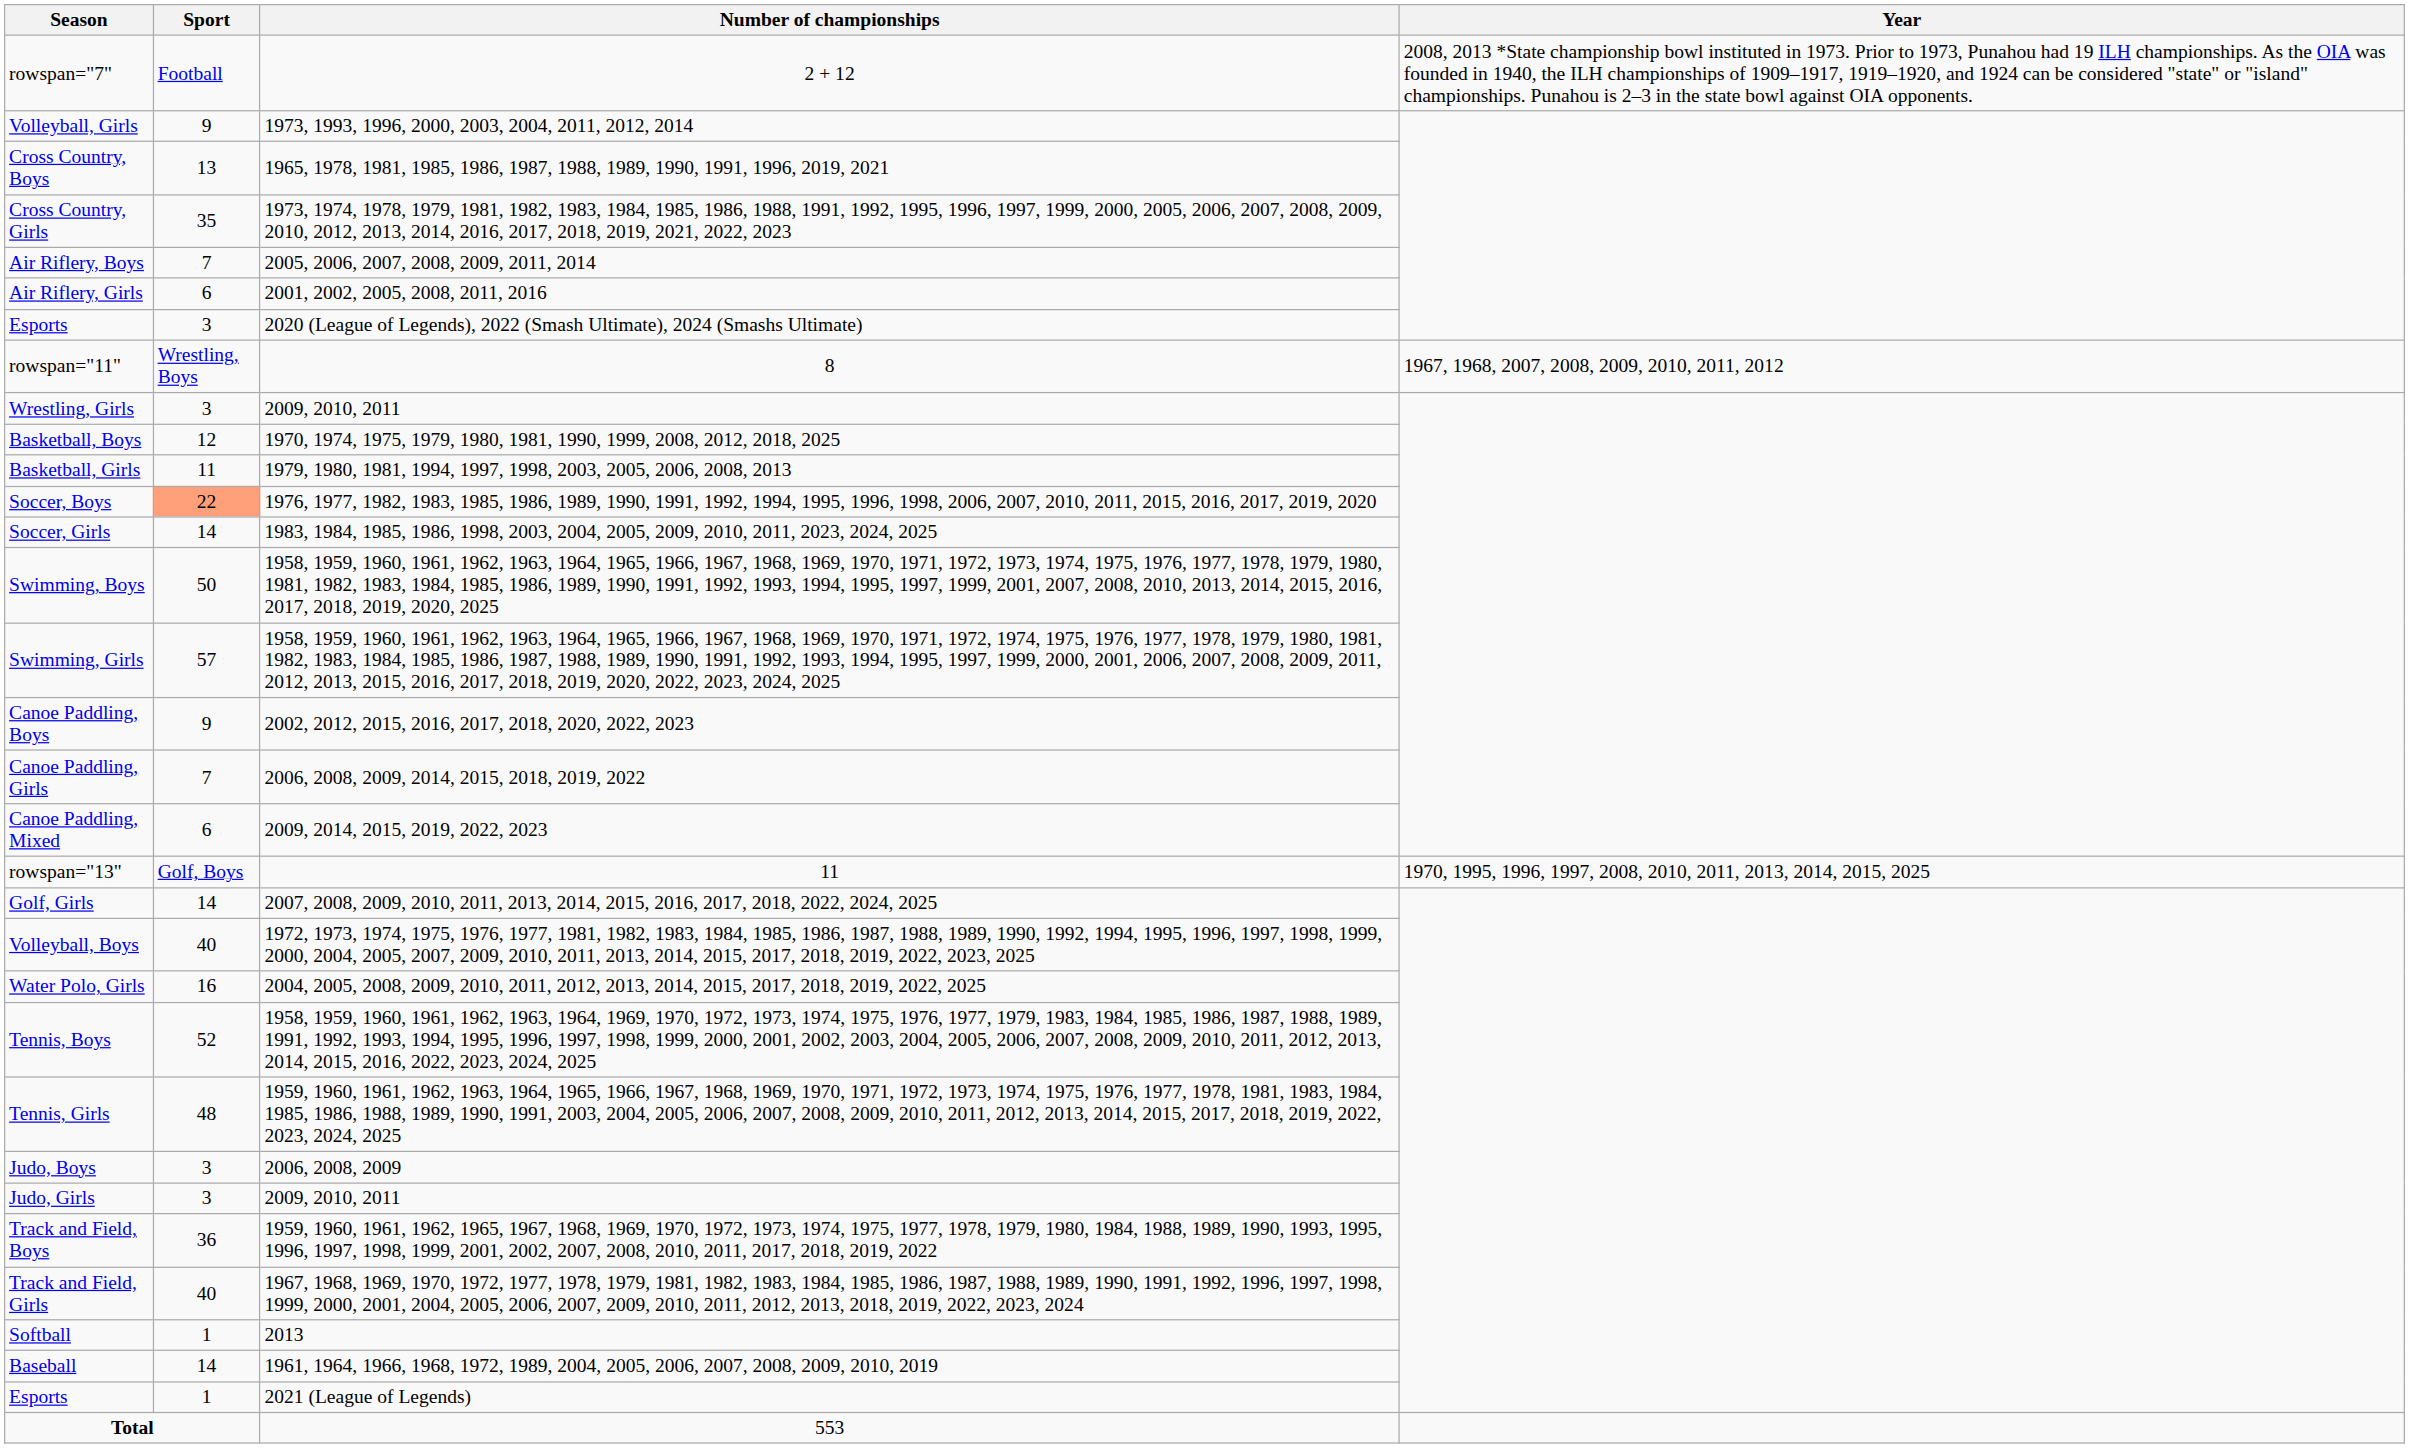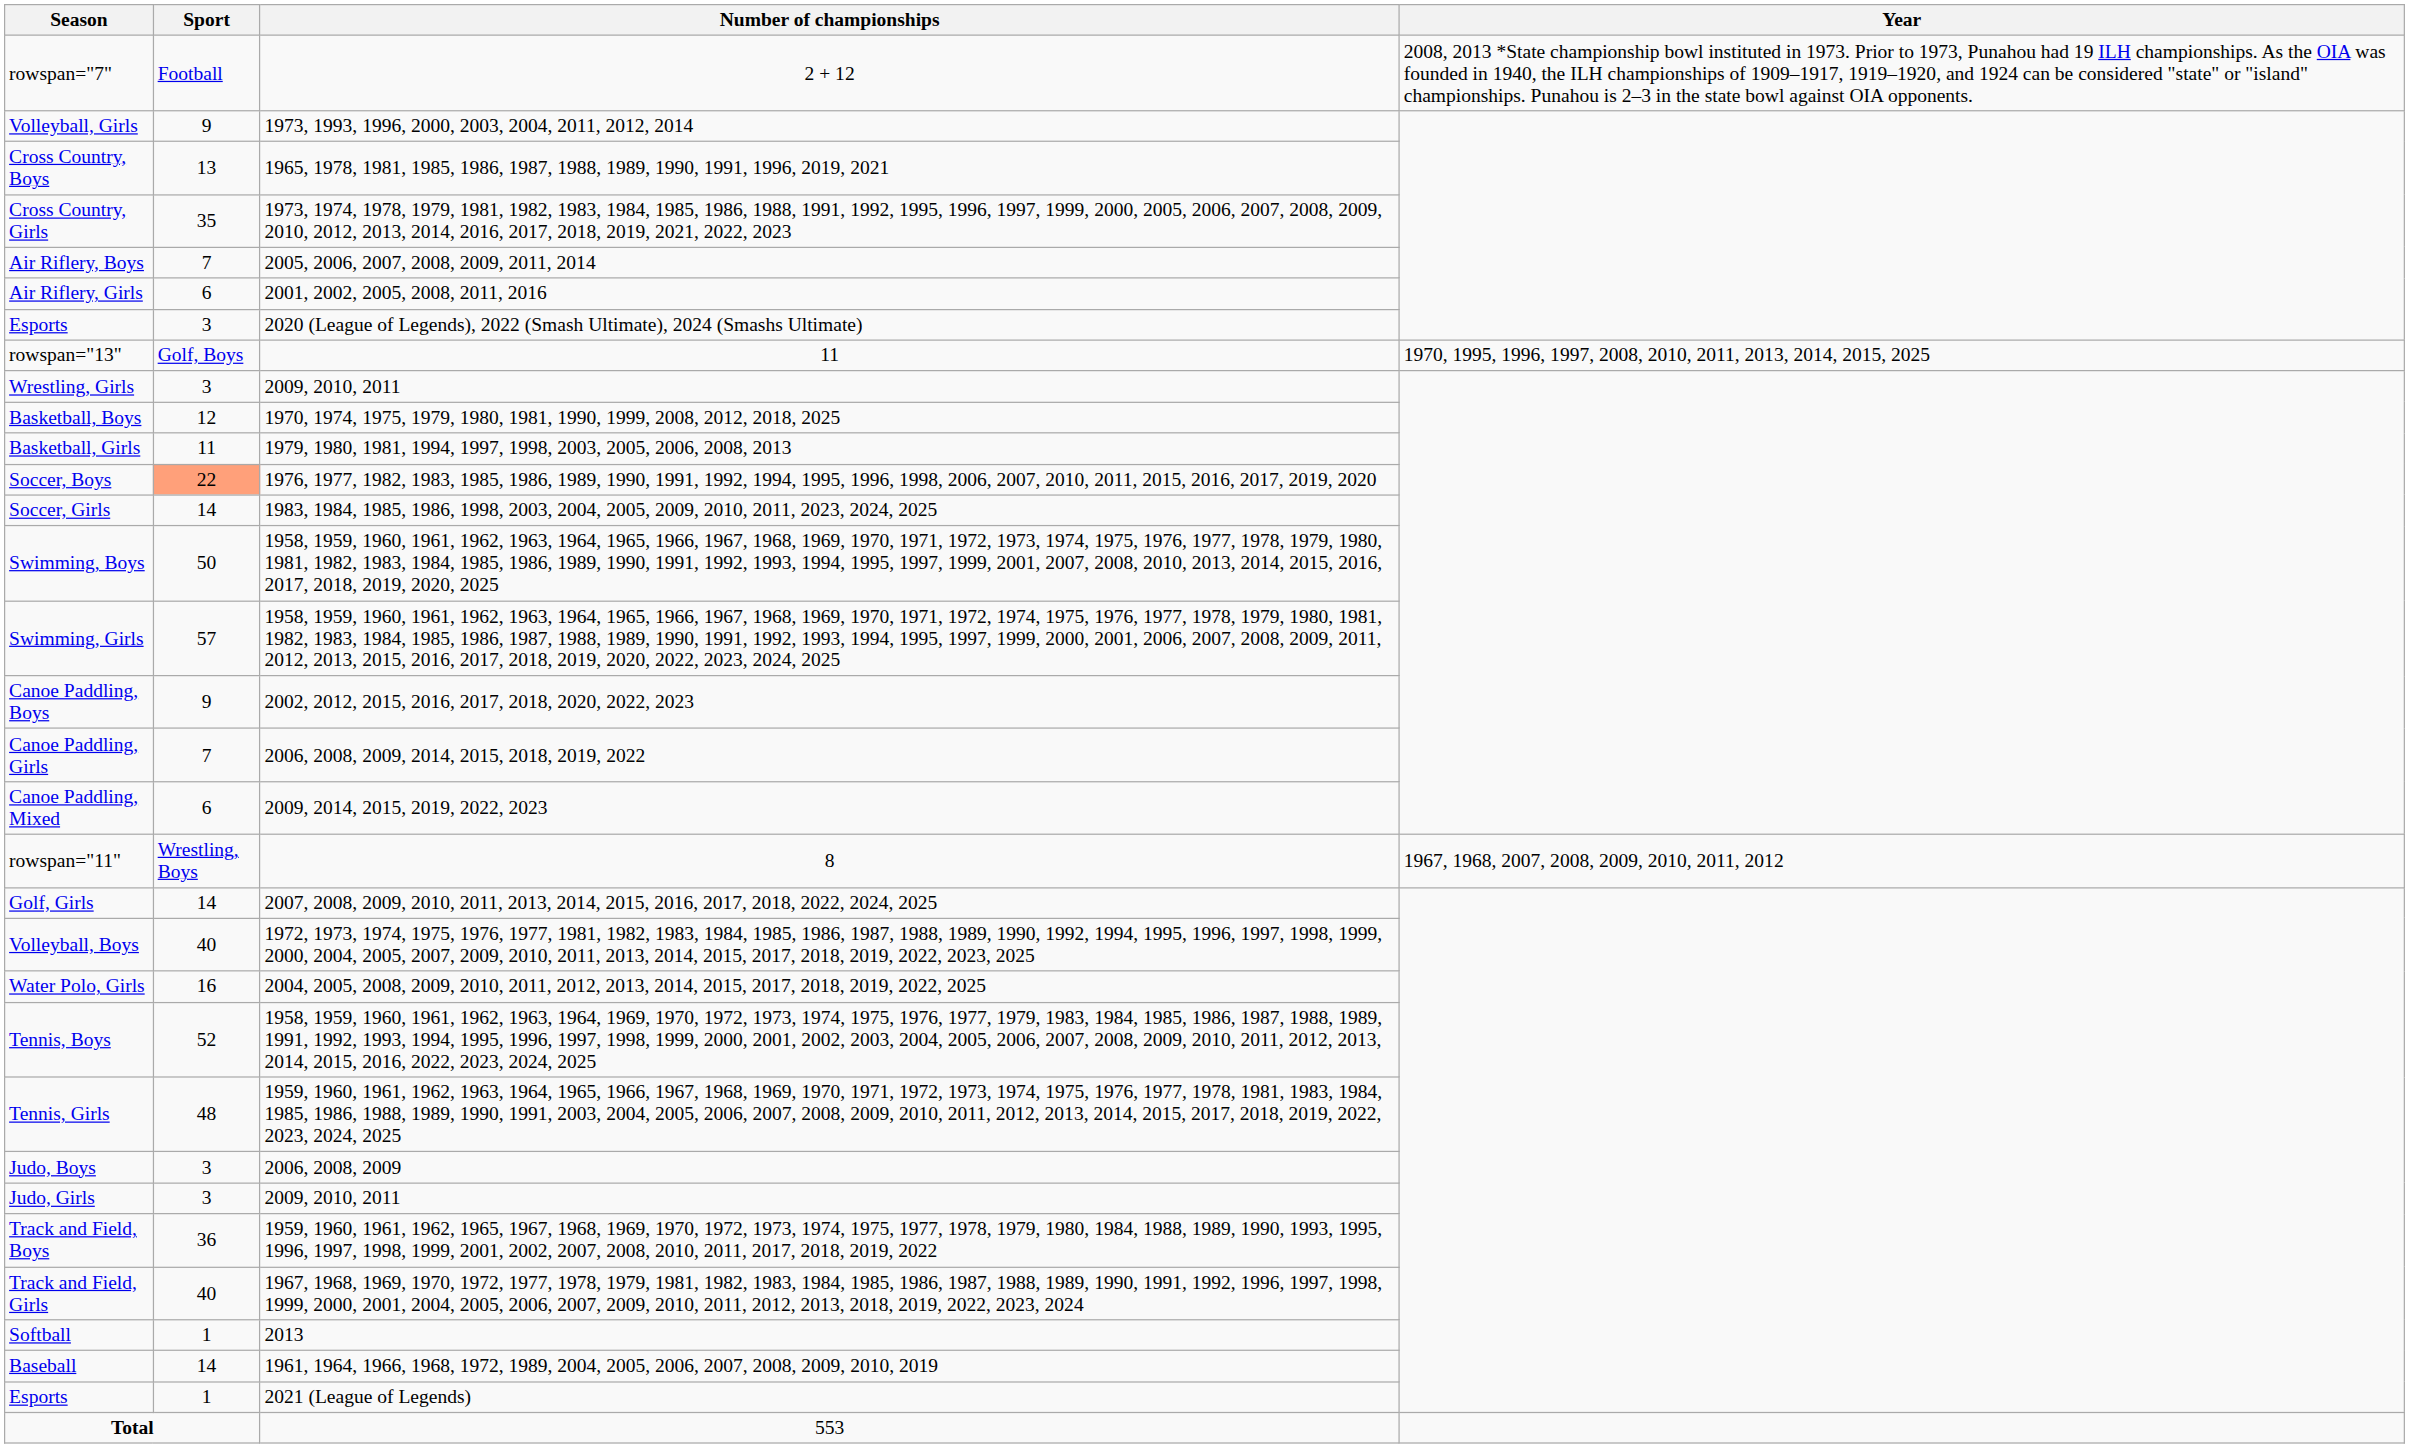 <table class="wikitable">
 <tr>
 <th>Season</th>
 <th>Sport</th>
 <th>Number of championships</th>
 <th>Year</th>
 </tr>
 <tr>
 <td>rowspan="7" </td>
 <td><a href='#'>Football</a></td>
 <td style="text-align:center;">2 + 12</td>
 <td>2008, 2013 *State championship bowl instituted in 1973.  Prior to 1973, Punahou had 19 <a href='#'>ILH</a> championships.  As the <a href='#'>OIA</a> was founded in 1940, the ILH championships of 1909–1917, 1919–1920, and 1924 can be considered "state" or "island" championships.  Punahou is 2–3 in the state bowl against OIA opponents.</td>
 </tr>
 <tr>
 <td><a href='#'>Volleyball, Girls</a></td>
 <td style="text-align:center;">9</td>
 <td>1973, 1993, 1996, 2000, 2003, 2004, 2011, 2012, 2014</td>
 </tr>
 <tr>
 <td><a href='#'>Cross Country, Boys</a></td>
 <td style="text-align:center;">13</td>
 <td>1965, 1978, 1981, 1985, 1986, 1987, 1988, 1989, 1990, 1991, 1996, 2019, 2021</td>
 </tr>
 <tr>
 <td><a href='#'>Cross Country, Girls</a></td>
 <td style="text-align:center;">35</td>
 <td>1973, 1974, 1978, 1979, 1981, 1982, 1983, 1984, 1985, 1986, 1988, 1991, 1992, 1995, 1996, 1997, 1999, 2000, 2005, 2006, 2007, 2008, 2009, 2010, 2012, 2013, 2014, 2016, 2017, 2018, 2019, 2021, 2022, 2023</td>
 </tr>
 <tr>
 <td><a href='#'>Air Riflery, Boys</a></td>
 <td style="text-align:center;">7</td>
 <td>2005, 2006, 2007, 2008, 2009, 2011, 2014</td>
 </tr>
 <tr>
 <td><a href='#'>Air Riflery, Girls</a></td>
 <td style="text-align:center;">6</td>
 <td>2001, 2002, 2005, 2008, 2011, 2016</td>
 </tr>
 <tr>
 <td><a href='#'>Esports</a></td>
 <td style="text-align:center;">3</td>
 <td>2020 (League of Legends), 2022 (Smash Ultimate), 2024 (Smashs Ultimate)</td>
 </tr>
 <tr>
-<td>rowspan="11"</td>
-<td><a href='#'>Wrestling, Boys</a></td>
-<td style="text-align:center;">8</td>
-<td>1967, 1968, 2007, 2008, 2009, 2010, 2011, 2012</td>
+<td>rowspan="13"</td>
+<td><a href='#'>Golf, Boys</a></td>
+<td style="text-align:center;">11</td>
+<td>1970, 1995, 1996, 1997, 2008, 2010, 2011, 2013, 2014, 2015, 2025</td>
 </tr>
 <tr>
 <td><a href='#'>Wrestling, Girls</a></td>
 <td style="text-align:center;">3</td>
 <td>2009, 2010, 2011</td>
 </tr>
 <tr>
 <td><a href='#'>Basketball, Boys</a></td>
 <td style="text-align:center;">12</td>
 <td>1970, 1974, 1975, 1979, 1980, 1981, 1990, 1999, 2008, 2012, 2018, 2025</td>
 </tr>
 <tr>
 <td><a href='#'>Basketball, Girls</a></td>
 <td style="text-align:center;">11</td>
 <td>1979, 1980, 1981, 1994, 1997, 1998, 2003, 2005, 2006, 2008, 2013</td>
 </tr>
 <tr>
 <td><a href='#'>Soccer, Boys</a></td>
 <td style="background: lightsalmon; text-align:center;">22</td>
 <td>1976, 1977, 1982, 1983, 1985, 1986, 1989, 1990, 1991, 1992, 1994, 1995, 1996, 1998, 2006, 2007, 2010, 2011, 2015, 2016, 2017, 2019, 2020</td>
 </tr>
 <tr>
 <td><a href='#'>Soccer, Girls</a></td>
 <td style="text-align:center;">14</td>
 <td>1983, 1984, 1985, 1986, 1998, 2003, 2004, 2005, 2009, 2010, 2011, 2023, 2024, 2025</td>
 </tr>
 <tr>
 <td><a href='#'>Swimming, Boys</a></td>
 <td style="text-align:center;">50</td>
 <td>1958, 1959, 1960, 1961, 1962, 1963, 1964, 1965, 1966, 1967, 1968, 1969, 1970, 1971, 1972, 1973, 1974, 1975, 1976, 1977, 1978, 1979, 1980, 1981, 1982, 1983, 1984, 1985, 1986, 1989, 1990, 1991, 1992, 1993, 1994, 1995, 1997, 1999, 2001, 2007, 2008, 2010, 2013, 2014, 2015, 2016, 2017, 2018, 2019, 2020, 2025</td>
 </tr>
 <tr>
 <td><a href='#'>Swimming, Girls</a></td>
 <td style="text-align:center;">57</td>
 <td>1958, 1959, 1960, 1961, 1962, 1963, 1964, 1965, 1966, 1967, 1968, 1969, 1970, 1971, 1972, 1974, 1975, 1976, 1977, 1978, 1979, 1980, 1981, 1982, 1983, 1984, 1985, 1986, 1987, 1988, 1989, 1990, 1991, 1992, 1993, 1994, 1995, 1997, 1999, 2000, 2001, 2006, 2007, 2008, 2009, 2011, 2012, 2013, 2015, 2016, 2017, 2018, 2019, 2020, 2022, 2023, 2024, 2025</td>
 </tr>
 <tr>
 <td><a href='#'>Canoe Paddling, Boys</a></td>
 <td style="text-align:center;">9</td>
 <td>2002, 2012, 2015, 2016, 2017, 2018, 2020, 2022, 2023</td>
 </tr>
 <tr>
 <td><a href='#'>Canoe Paddling, Girls</a></td>
 <td style="text-align:center;">7</td>
 <td>2006, 2008, 2009, 2014, 2015, 2018, 2019, 2022</td>
 </tr>
 <tr>
 <td><a href='#'>Canoe Paddling, Mixed</a></td>
 <td style="text-align:center;">6</td>
 <td>2009, 2014, 2015, 2019, 2022, 2023</td>
 </tr>
 <tr>
-<td>rowspan="13"</td>
-<td><a href='#'>Golf, Boys</a></td>
-<td style="text-align:center;">11</td>
-<td>1970, 1995, 1996, 1997, 2008, 2010, 2011, 2013, 2014, 2015, 2025</td>
+<td>rowspan="11"</td>
+<td><a href='#'>Wrestling, Boys</a></td>
+<td style="text-align:center;">8</td>
+<td>1967, 1968, 2007, 2008, 2009, 2010, 2011, 2012</td>
 </tr>
 <tr>
 <td><a href='#'>Golf, Girls</a></td>
 <td style="text-align:center;">14</td>
 <td>2007, 2008, 2009, 2010, 2011, 2013, 2014, 2015, 2016, 2017, 2018, 2022, 2024, 2025</td>
 </tr>
 <tr>
 <td><a href='#'>Volleyball, Boys</a></td>
 <td style="text-align:center;">40</td>
 <td>1972, 1973, 1974, 1975, 1976, 1977, 1981, 1982, 1983, 1984, 1985, 1986, 1987, 1988, 1989, 1990, 1992, 1994, 1995, 1996, 1997, 1998, 1999, 2000, 2004, 2005, 2007, 2009, 2010, 2011, 2013, 2014, 2015, 2017, 2018, 2019, 2022, 2023, 2025</td>
 </tr>
 <tr>
 <td><a href='#'>Water Polo, Girls</a></td>
 <td style="text-align:center;">16</td>
 <td>2004, 2005, 2008, 2009, 2010, 2011, 2012, 2013, 2014, 2015, 2017, 2018, 2019, 2022, 2025</td>
 </tr>
 <tr>
 <td><a href='#'>Tennis, Boys</a></td>
 <td style="text-align:center;">52</td>
 <td>1958, 1959, 1960, 1961, 1962, 1963, 1964, 1969, 1970, 1972, 1973, 1974, 1975, 1976, 1977, 1979, 1983, 1984, 1985, 1986, 1987, 1988, 1989, 1991, 1992, 1993, 1994, 1995, 1996, 1997, 1998, 1999, 2000, 2001, 2002, 2003, 2004, 2005, 2006, 2007, 2008, 2009, 2010, 2011, 2012, 2013, 2014, 2015, 2016, 2022, 2023, 2024, 2025</td>
 </tr>
 <tr>
 <td><a href='#'>Tennis, Girls</a></td>
 <td style="text-align:center;">48</td>
 <td>1959, 1960, 1961, 1962, 1963, 1964, 1965, 1966, 1967, 1968, 1969, 1970, 1971, 1972, 1973, 1974, 1975, 1976, 1977, 1978, 1981, 1983, 1984, 1985, 1986, 1988, 1989, 1990, 1991, 2003, 2004, 2005, 2006, 2007, 2008, 2009, 2010, 2011, 2012, 2013, 2014, 2015, 2017, 2018, 2019, 2022, 2023, 2024, 2025</td>
 </tr>
 <tr>
 <td><a href='#'>Judo, Boys</a></td>
 <td style="text-align:center;">3</td>
 <td>2006, 2008, 2009</td>
 </tr>
 <tr>
 <td><a href='#'>Judo, Girls</a></td>
 <td style="text-align:center;">3</td>
 <td>2009, 2010, 2011</td>
 </tr>
 <tr>
 <td><a href='#'>Track and Field, Boys</a></td>
 <td style="text-align:center;">36</td>
 <td>1959, 1960, 1961, 1962, 1965, 1967, 1968, 1969, 1970, 1972, 1973, 1974, 1975, 1977, 1978, 1979, 1980, 1984, 1988, 1989, 1990, 1993, 1995, 1996, 1997, 1998, 1999, 2001, 2002, 2007, 2008, 2010, 2011, 2017, 2018, 2019, 2022</td>
 </tr>
 <tr>
 <td><a href='#'>Track and Field, Girls</a></td>
 <td style="text-align:center;">40</td>
 <td>1967, 1968, 1969, 1970, 1972, 1977, 1978, 1979, 1981, 1982, 1983, 1984, 1985, 1986, 1987, 1988, 1989, 1990, 1991, 1992, 1996, 1997, 1998, 1999, 2000, 2001, 2004, 2005, 2006, 2007, 2009, 2010, 2011, 2012, 2013, 2018, 2019, 2022, 2023, 2024</td>
 </tr>
 <tr>
 <td><a href='#'>Softball</a></td>
 <td style="text-align:center;">1</td>
 <td>2013</td>
 </tr>
 <tr>
 <td><a href='#'>Baseball</a></td>
 <td style="text-align:center;">14</td>
 <td>1961, 1964, 1966, 1968, 1972, 1989, 2004, 2005, 2006, 2007, 2008, 2009, 2010, 2019</td>
 </tr>
 <tr>
 <td><a href='#'>Esports</a></td>
 <td style="text-align:center;">1</td>
 <td>2021 (League of Legends)</td>
 </tr>
 <tr>
 <td style="text-align:center;" colspan="2"><strong>Total</strong></td>
 <td style="text-align:center;">553</td>
 <td></td>
 </tr>
 </table>
